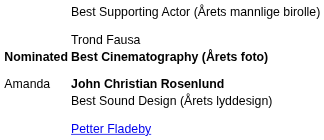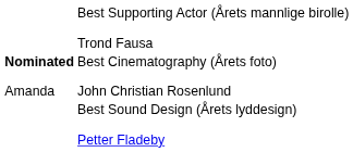 <table class="awards">
 <tr>
 <td rowspan="3"><strong>Nominated</strong><br><br>Amanda</td>
 <td>Best Supporting Actor (Årets mannlige birolle)<br><br>Trond Fausa <br></td>
 </tr>
 <tr>
-<td><strong>Best Cinematography (Årets foto)<br><br>John Christian Rosenlund <br></strong></td>
+<td>Best Cinematography (Årets foto)<br><br>John Christian Rosenlund <br></td>
 </tr>
 <tr>
 <td>Best Sound Design (Årets lyddesign)<br><br><a href='#'>Petter Fladeby</a> <br></td>
 </tr>
 </table>
